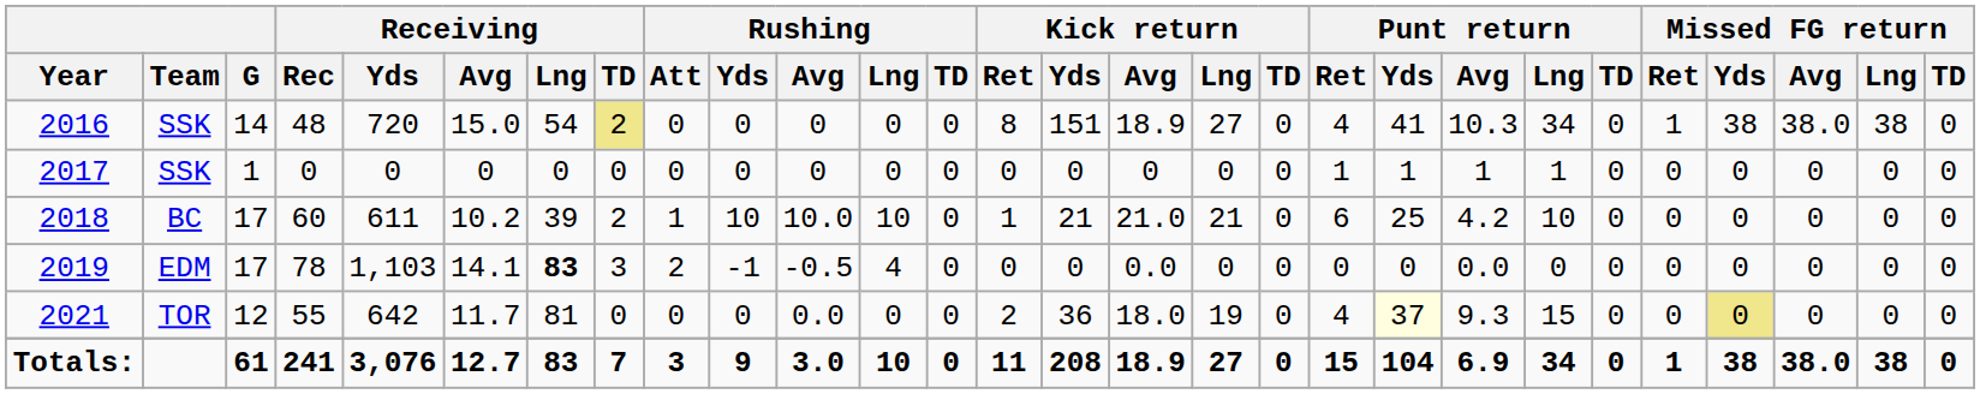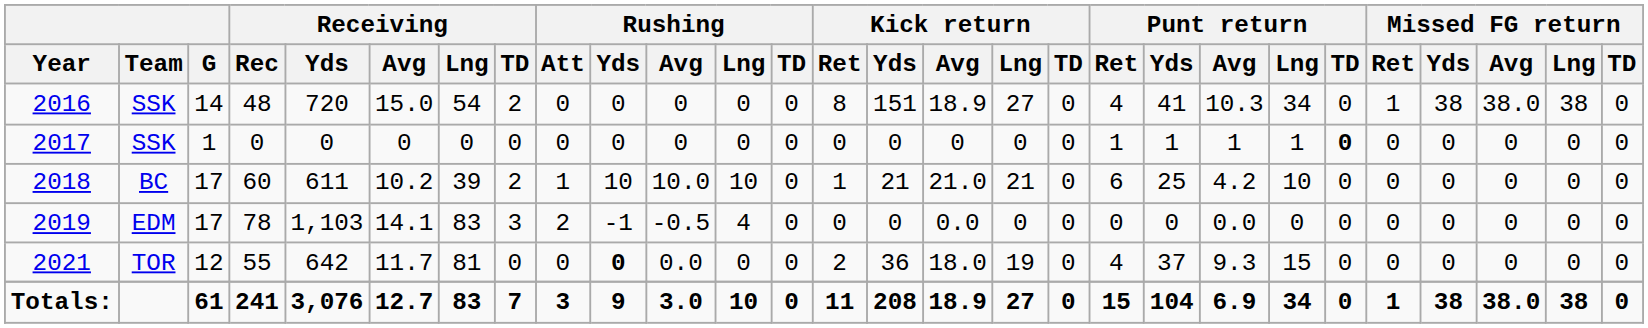 <table class="wikitable" style="text-align:center">
 <tr>
 <th colspan="3"></th>
 <th colspan="5">Receiving</th>
 <th colspan="5">Rushing</th>
 <th colspan="5">Kick return</th>
 <th colspan="5">Punt return</th>
 <th colspan="5">Missed FG return</th>
 </tr>
 <tr>
 <th>Year</th>
 <th>Team</th>
 <th>G</th>
 <th>Rec</th>
 <th>Yds</th>
 <th>Avg</th>
 <th>Lng</th>
 <th>TD</th>
 <th>Att</th>
 <th>Yds</th>
 <th>Avg</th>
 <th>Lng</th>
 <th>TD</th>
 <th>Ret</th>
 <th>Yds</th>
 <th>Avg</th>
 <th>Lng</th>
 <th>TD</th>
 <th>Ret</th>
 <th>Yds</th>
 <th>Avg</th>
 <th>Lng</th>
 <th>TD</th>
 <th>Ret</th>
 <th>Yds</th>
 <th>Avg</th>
 <th>Lng</th>
 <th>TD</th>
 </tr>
 <tr>
 <td><a href='#'>2016</a></td>
 <td><a href='#'>SSK</a></td>
 <td>14</td>
 <td>48</td>
 <td>720</td>
 <td>15.0</td>
 <td>54</td>
-<td style="background: khaki;">2</td>
+<td>2</td>
 <td>0</td>
 <td>0</td>
 <td>0</td>
 <td>0</td>
 <td>0</td>
 <td>8</td>
 <td>151</td>
 <td>18.9</td>
 <td>27</td>
 <td>0</td>
 <td>4</td>
 <td>41</td>
 <td>10.3</td>
 <td>34</td>
 <td>0</td>
 <td>1</td>
 <td>38</td>
 <td>38.0</td>
 <td>38</td>
 <td>0</td>
 </tr>
 <tr>
 <td><a href='#'>2017</a></td>
 <td><a href='#'>SSK</a></td>
 <td>1</td>
 <td>0</td>
 <td>0</td>
 <td>0</td>
 <td>0</td>
 <td>0</td>
 <td>0</td>
 <td>0</td>
 <td>0</td>
 <td>0</td>
 <td>0</td>
 <td>0</td>
 <td>0</td>
 <td>0</td>
 <td>0</td>
 <td>0</td>
 <td>1</td>
 <td>1</td>
 <td>1</td>
 <td>1</td>
-<td>0</td>
+<td><strong>0</strong></td>
 <td>0</td>
 <td>0</td>
 <td>0</td>
 <td>0</td>
 <td>0</td>
 </tr>
 <tr>
 <td><a href='#'>2018</a></td>
 <td><a href='#'>BC</a></td>
 <td>17</td>
 <td>60</td>
 <td>611</td>
 <td>10.2</td>
 <td>39</td>
 <td>2</td>
 <td>1</td>
 <td>10</td>
 <td>10.0</td>
 <td>10</td>
 <td>0</td>
 <td>1</td>
 <td>21</td>
 <td>21.0</td>
 <td>21</td>
 <td>0</td>
 <td>6</td>
 <td>25</td>
 <td>4.2</td>
 <td>10</td>
 <td>0</td>
 <td>0</td>
 <td>0</td>
 <td>0</td>
 <td>0</td>
 <td>0</td>
 </tr>
 <tr>
 <td><a href='#'>2019</a></td>
 <td><a href='#'>EDM</a></td>
 <td>17</td>
 <td>78</td>
 <td>1,103</td>
 <td>14.1</td>
-<td><strong>83</strong></td>
+<td>83</td>
 <td>3</td>
 <td>2</td>
 <td>-1</td>
 <td>-0.5</td>
 <td>4</td>
 <td>0</td>
 <td>0</td>
 <td>0</td>
 <td>0.0</td>
 <td>0</td>
 <td>0</td>
 <td>0</td>
 <td>0</td>
 <td>0.0</td>
 <td>0</td>
 <td>0</td>
 <td>0</td>
 <td>0</td>
 <td>0</td>
 <td>0</td>
 <td>0</td>
 </tr>
 <tr>
 <td><a href='#'>2021</a></td>
 <td><a href='#'>TOR</a></td>
 <td>12</td>
 <td>55</td>
 <td>642</td>
 <td>11.7</td>
 <td>81</td>
 <td>0</td>
 <td>0</td>
-<td>0</td>
+<td><strong>0</strong></td>
 <td>0.0</td>
 <td>0</td>
 <td>0</td>
 <td>2</td>
 <td>36</td>
 <td>18.0</td>
 <td>19</td>
 <td>0</td>
 <td>4</td>
-<td style="background: lightyellow;">37</td>
+<td>37</td>
 <td>9.3</td>
 <td>15</td>
 <td>0</td>
 <td>0</td>
-<td style="background: khaki;">0</td>
+<td>0</td>
 <td>0</td>
 <td>0</td>
 <td>0</td>
 </tr>
 <tr>
 </tr>
 <tr style="text-align:center;">
 <td><strong>Totals:</strong></td>
 <td></td>
 <td><strong>61</strong></td>
 <td><strong>241</strong></td>
 <td><strong>3,076</strong></td>
 <td><strong>12.7</strong></td>
 <td><strong>83</strong></td>
 <td><strong>7</strong></td>
 <td><strong>3</strong></td>
 <td><strong>9</strong></td>
 <td><strong>3.0</strong></td>
 <td><strong>10</strong></td>
 <td><strong>0</strong></td>
 <td><strong>11</strong></td>
 <td><strong>208</strong></td>
 <td><strong>18.9</strong></td>
 <td><strong>27</strong></td>
 <td><strong>0</strong></td>
 <td><strong>15</strong></td>
 <td><strong>104</strong></td>
 <td><strong>6.9</strong></td>
 <td><strong>34</strong></td>
 <td><strong>0</strong></td>
 <td><strong>1</strong></td>
 <td><strong>38</strong></td>
 <td><strong>38.0</strong></td>
 <td><strong>38</strong></td>
 <td><strong>0</strong></td>
 </tr>
 </table>
